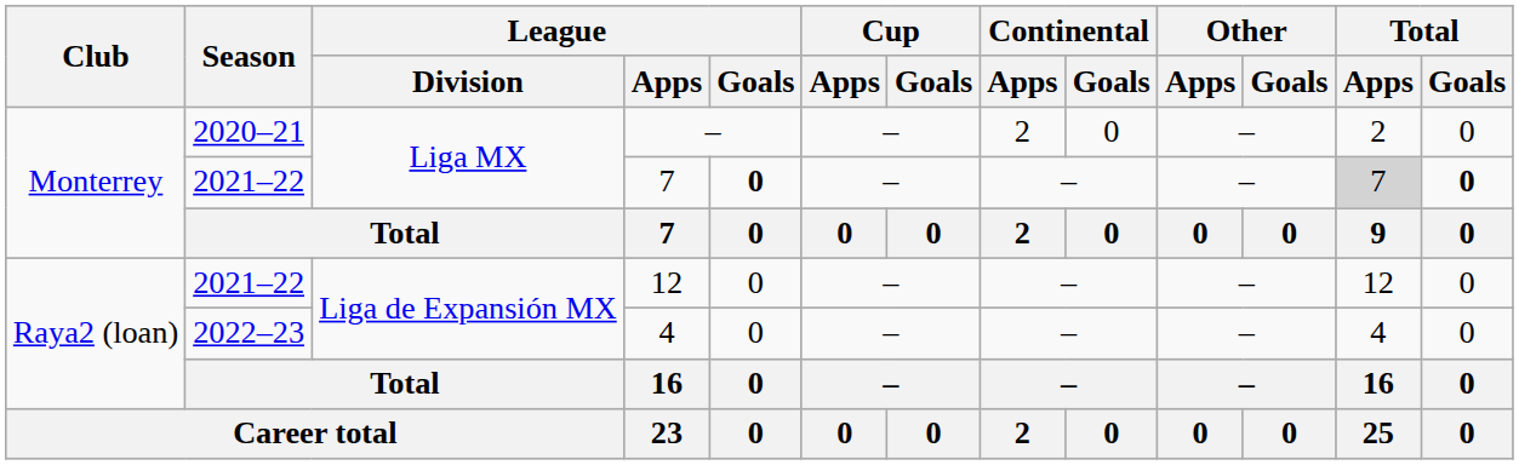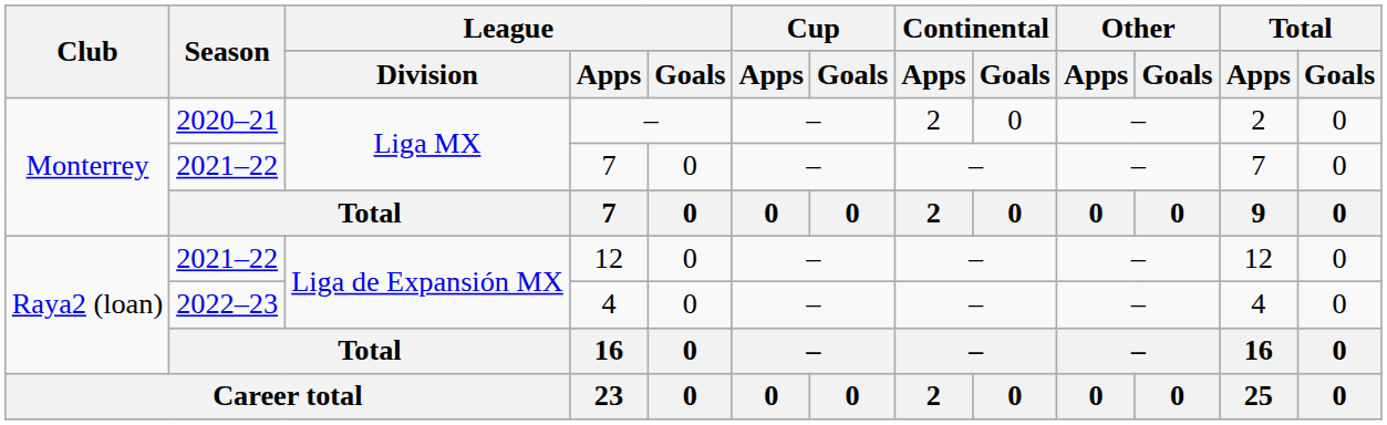 <table class="wikitable" style="text-align: center">
 <tr>
 <th rowspan="2">Club</th>
 <th rowspan="2">Season</th>
 <th colspan="3">League</th>
 <th colspan="2">Cup</th>
 <th colspan="2">Continental</th>
 <th colspan="2">Other</th>
 <th colspan="2">Total</th>
 </tr>
 <tr>
 <th>Division</th>
 <th>Apps</th>
 <th>Goals</th>
 <th>Apps</th>
 <th>Goals</th>
 <th>Apps</th>
 <th>Goals</th>
 <th>Apps</th>
 <th>Goals</th>
 <th>Apps</th>
 <th>Goals</th>
 </tr>
 <tr>
 <td rowspan="3"><a href='#'>Monterrey</a></td>
 <td><a href='#'>2020–21</a></td>
 <td rowspan="2"><a href='#'>Liga MX</a></td>
 <td colspan="2">–</td>
 <td colspan="2">–</td>
 <td>2</td>
 <td>0</td>
 <td colspan="2">–</td>
 <td>2</td>
 <td>0</td>
 </tr>
 <tr>
 <td><a href='#'>2021–22</a></td>
 <td>7</td>
-<td><strong>0</strong></td>
+<td>0</td>
 <td colspan=2>–</td>
 <td colspan=2>–</td>
 <td colspan=2>–</td>
-<td style="background: lightgrey;">7</td>
-<td><strong>0</strong></td>
+<td>7</td>
+<td>0</td>
 </tr>
 <tr>
 <th colspan="2">Total</th>
 <th>7</th>
 <th>0</th>
 <th>0</th>
 <th>0</th>
 <th>2</th>
 <th>0</th>
 <th>0</th>
 <th>0</th>
 <th>9</th>
 <th>0</th>
 </tr>
 <tr>
 <td rowspan="3"><a href='#'>Raya2</a> (loan)</td>
 <td><a href='#'>2021–22</a></td>
 <td rowspan="2"><a href='#'>Liga de Expansión MX</a></td>
 <td>12</td>
 <td>0</td>
 <td colspan="2">–</td>
 <td colspan="2">–</td>
 <td colspan="2">–</td>
 <td>12</td>
 <td>0</td>
 </tr>
 <tr>
 <td><a href='#'>2022–23</a></td>
 <td>4</td>
 <td>0</td>
 <td colspan="2">–</td>
 <td colspan="2">–</td>
 <td colspan="2">–</td>
 <td>4</td>
 <td>0</td>
 </tr>
 <tr>
 <th colspan="2">Total</th>
 <th>16</th>
 <th>0</th>
 <th colspan="2">–</th>
 <th colspan="2">–</th>
 <th colspan="2">–</th>
 <th>16</th>
 <th>0</th>
 </tr>
 <tr>
 <th colspan=3>Career total</th>
 <th>23</th>
 <th>0</th>
 <th>0</th>
 <th>0</th>
 <th>2</th>
 <th>0</th>
 <th>0</th>
 <th>0</th>
 <th>25</th>
 <th>0</th>
 </tr>
 </table>
